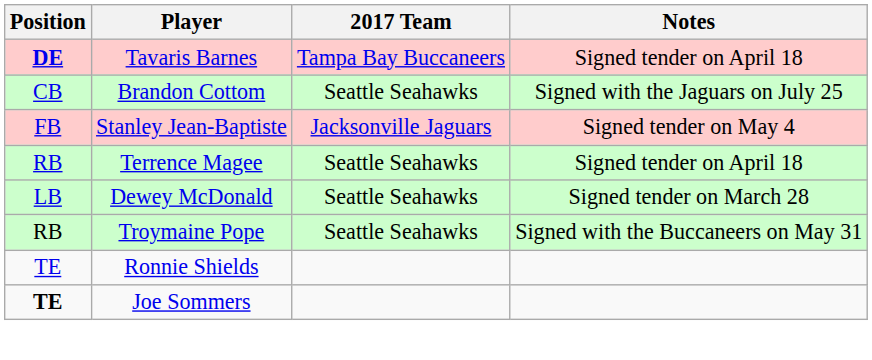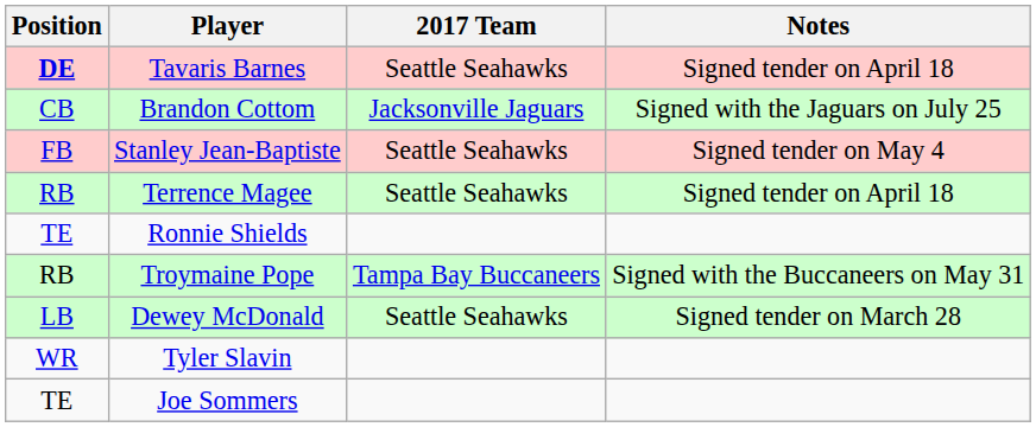 <table class="wikitable" style="text-align:center">
 <tr>
 <th>Position</th>
 <th>Player</th>
 <th>2017 Team</th>
 <th>Notes</th>
 </tr>
 <tr style="background:#fcc">
 <td><strong><a href='#'>DE</a></strong></td>
 <td><a href='#'>Tavaris Barnes</a></td>
-<td><a href='#'>Tampa Bay Buccaneers</a></td>
+<td>Seattle Seahawks</td>
 <td>Signed tender on April 18</td>
 </tr>
 <tr style="background:#cfc">
 <td><a href='#'>CB</a></td>
 <td><a href='#'>Brandon Cottom</a></td>
-<td>Seattle Seahawks</td>
+<td><a href='#'>Jacksonville Jaguars</a></td>
 <td>Signed with the Jaguars on July 25</td>
 </tr>
 <tr style="background:#fcc">
 <td><a href='#'>FB</a></td>
 <td><a href='#'>Stanley Jean-Baptiste</a></td>
-<td><a href='#'>Jacksonville Jaguars</a></td>
+<td>Seattle Seahawks</td>
 <td>Signed tender on May 4</td>
 </tr>
 <tr style="background:#cfc">
 <td><a href='#'>RB</a></td>
 <td><a href='#'>Terrence Magee</a></td>
 <td>Seattle Seahawks</td>
 <td>Signed tender on April 18</td>
 </tr>
+<tr style="background:#">
+<td><a href='#'>TE</a></td>
+<td><a href='#'>Ronnie Shields</a></td>
+<td></td>
+<td></td>
+</tr>
+<tr style="background:#cfc">
+<td>RB</td>
+<td><a href='#'>Troymaine Pope</a></td>
+<td><a href='#'>Tampa Bay Buccaneers</a></td>
+<td>Signed with the Buccaneers on May 31</td>
+</tr>
 <tr style="background:#cfc">
 <td><a href='#'>LB</a></td>
 <td><a href='#'>Dewey McDonald</a></td>
 <td>Seattle Seahawks</td>
 <td>Signed tender on March 28</td>
 </tr>
-<tr style="background:#cfc">
-<td>RB</td>
-<td><a href='#'>Troymaine Pope</a></td>
-<td>Seattle Seahawks</td>
-<td>Signed with the Buccaneers on May 31</td>
-</tr>
 <tr style="background:#">
-<td><a href='#'>TE</a></td>
-<td><a href='#'>Ronnie Shields</a></td>
+<td><a href='#'>WR</a></td>
+<td><a href='#'>Tyler Slavin</a></td>
 <td></td>
 <td></td>
 </tr>
 <tr style="background:#">
-<td><strong>TE</strong></td>
+<td>TE</td>
 <td><a href='#'>Joe Sommers</a></td>
 <td></td>
 <td></td>
 </tr>
 </table>
